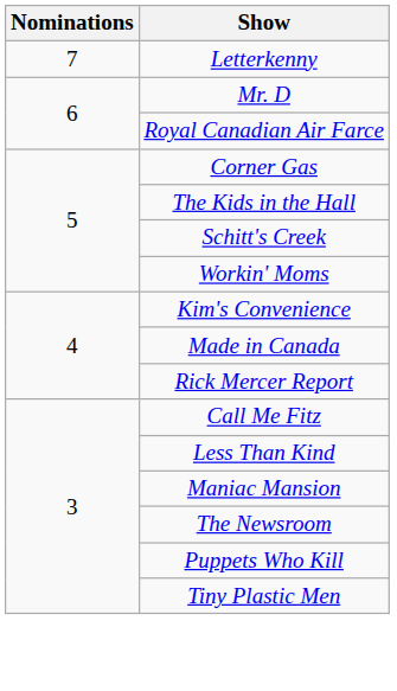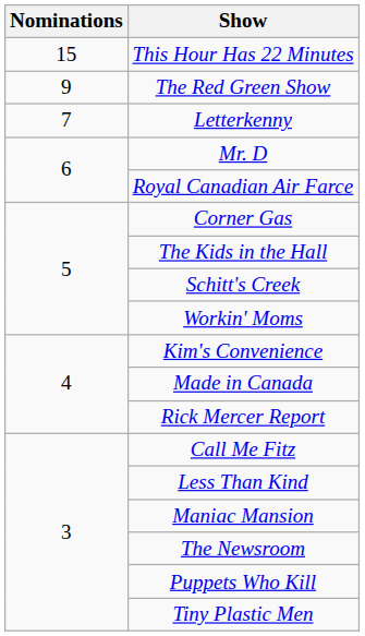 <table class="wikitable" rowspan="2" style="text-align:center;">
 <tr>
 <th scope="col">Nominations</th>
 <th scope="col">Show</th>
+</tr>
+<tr>
+<td>15</td>
+<td><em><a href='#'>This Hour Has 22 Minutes</a></em></td>
+</tr>
+<tr>
+<td>9</td>
+<td><em><a href='#'>The Red Green Show</a></em></td>
 </tr>
 <tr>
 <td>7</td>
 <td><em><a href='#'>Letterkenny</a></em></td>
 </tr>
 <tr>
 <td rowspan=2 style="text-align:center;">6</td>
 <td><em><a href='#'>Mr. D</a></em></td>
 </tr>
 <tr>
 <td><em><a href='#'>Royal Canadian Air Farce</a></em></td>
 </tr>
 <tr>
 <td rowspan=4 style="text-align:center;">5</td>
 <td><em><a href='#'>Corner Gas</a></em></td>
 </tr>
 <tr>
 <td><em><a href='#'>The Kids in the Hall</a></em></td>
 </tr>
 <tr>
 <td><em><a href='#'>Schitt's Creek</a></em></td>
 </tr>
 <tr>
 <td><em><a href='#'>Workin' Moms</a></em></td>
 </tr>
 <tr>
 <td rowspan=3 style="text-align:center;">4</td>
 <td><em><a href='#'>Kim's Convenience</a></em></td>
 </tr>
 <tr>
 <td><em><a href='#'>Made in Canada</a></em></td>
 </tr>
 <tr>
 <td><em><a href='#'>Rick Mercer Report</a></em></td>
 </tr>
 <tr>
 <td rowspan=6 style="text-align:center;">3</td>
 <td><em><a href='#'>Call Me Fitz</a></em></td>
 </tr>
 <tr>
 <td><em><a href='#'>Less Than Kind</a></em></td>
 </tr>
 <tr>
 <td><em><a href='#'>Maniac Mansion</a></em></td>
 </tr>
 <tr>
 <td><em><a href='#'>The Newsroom</a></em></td>
 </tr>
 <tr>
 <td><em><a href='#'>Puppets Who Kill</a></em></td>
 </tr>
 <tr>
 <td><em><a href='#'>Tiny Plastic Men</a></em></td>
 </tr>
 </table>
